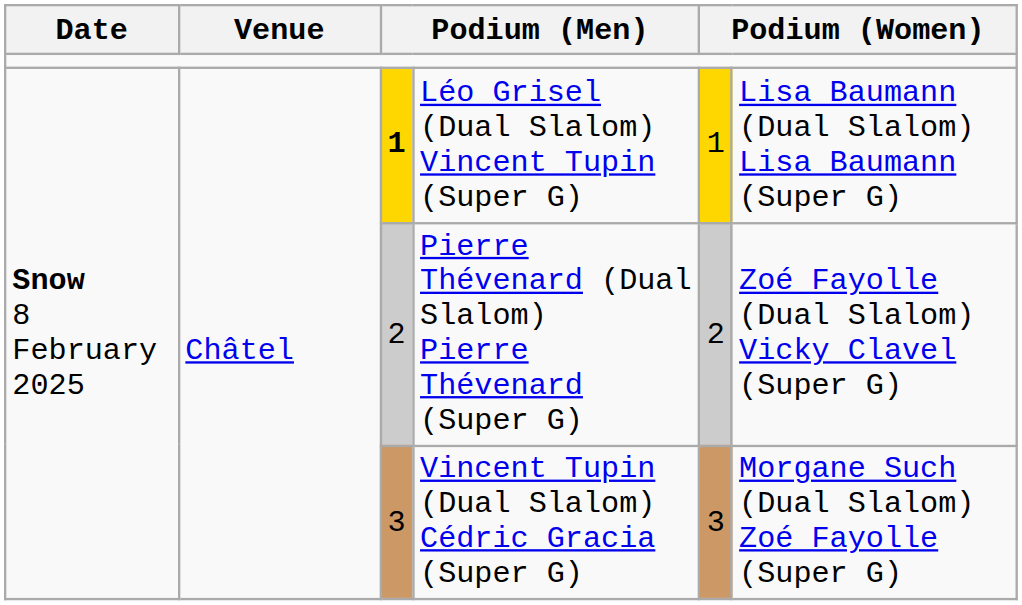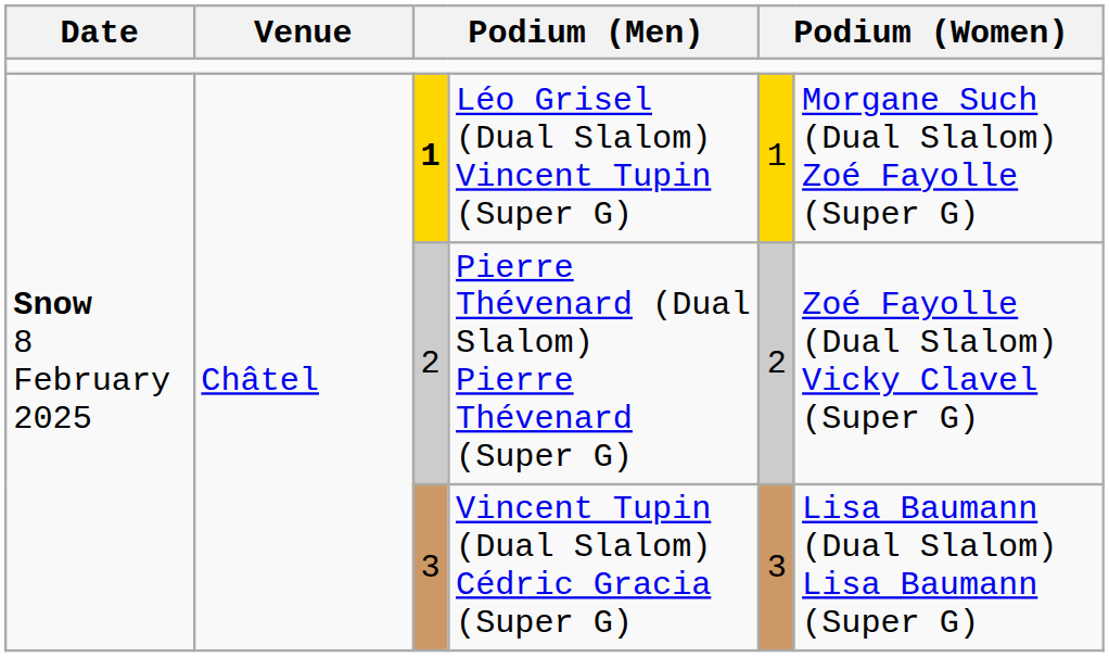 <table class="wikitable" width=70%>
 <tr>
 <th>Date</th>
 <th width=20%>Venue</th>
 <th colspan=2 width=30%>Podium (Men)</th>
 <th colspan=2 width=30%>Podium (Women)</th>
 </tr>
 <tr>
 <td colspan=6></td>
 </tr>
 <tr>
 <td rowspan=3><strong>Snow</strong> <br> 8 February 2025</td>
 <td rowspan=3><br><a href='#'>Châtel</a></td>
 <td bgcolor=FFD700><strong>1</strong></td>
 <td><a href='#'>Léo Grisel</a> (Dual Slalom)<br><a href='#'>Vincent Tupin</a> (Super G)</td>
 <td bgcolor=FFD700>1</td>
-<td><a href='#'>Lisa Baumann</a> (Dual Slalom)<br><a href='#'>Lisa Baumann</a> (Super G)</td>
+<td><a href='#'>Morgane Such</a> (Dual Slalom)<br><a href='#'>Zoé Fayolle</a> (Super G)</td>
 </tr>
 <tr>
 <td bgcolor=CCCCCC>2</td>
 <td><a href='#'>Pierre Thévenard</a> (Dual Slalom)<br><a href='#'>Pierre Thévenard</a> (Super G)</td>
 <td bgcolor=CCCCCC>2</td>
 <td><a href='#'>Zoé Fayolle</a> (Dual Slalom)<br><a href='#'>Vicky Clavel</a> (Super G)</td>
 </tr>
 <tr>
 <td bgcolor=CC9966>3</td>
 <td><a href='#'>Vincent Tupin</a> (Dual Slalom)<br><a href='#'>Cédric Gracia</a> (Super G)</td>
 <td bgcolor=CC9966>3</td>
-<td><a href='#'>Morgane Such</a> (Dual Slalom)<br><a href='#'>Zoé Fayolle</a> (Super G)</td>
+<td><a href='#'>Lisa Baumann</a> (Dual Slalom)<br><a href='#'>Lisa Baumann</a> (Super G)</td>
 </tr>
 </table>
